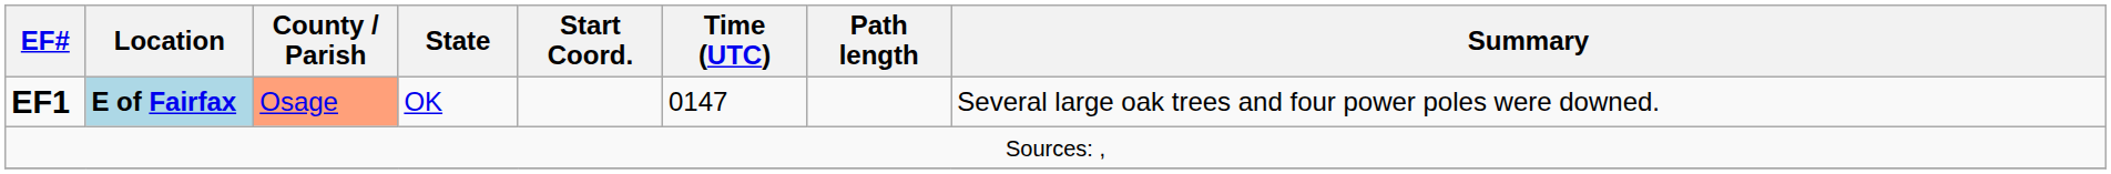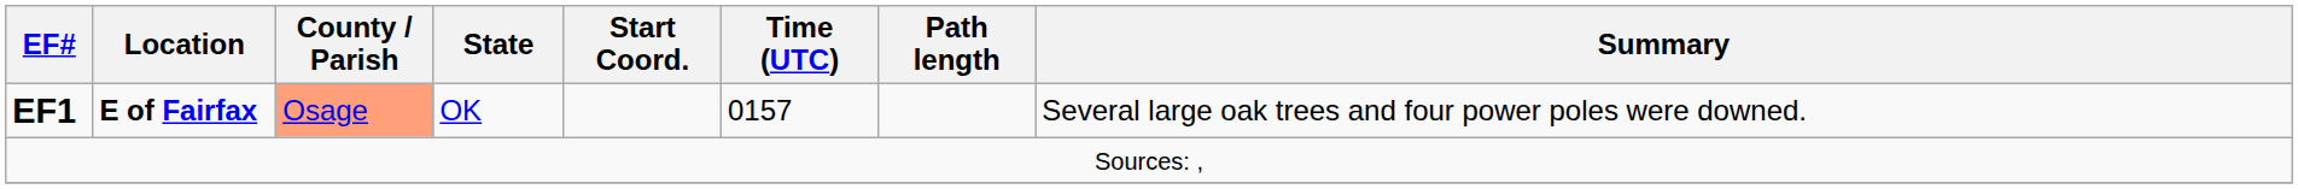 <table class="wikitable collapsible" width="100%">
 <tr>
 <th scope="col"  style="width:3%; text-align:center;"><a href='#'>EF#</a></th>
 <th scope="col"  style="width:7%; text-align:center;" class="unsortable">Location</th>
 <th scope="col"  style="width:6%; text-align:center;" class="unsortable">County / Parish</th>
 <th scope="col"  style="width:5%; text-align:center;">State</th>
 <th scope="col"  style="width:6%; text-align:center;">Start Coord.</th>
 <th scope="col"  style="width:6%; text-align:center;">Time (<a href='#'>UTC</a>)</th>
 <th scope="col"  style="width:6%; text-align:center;">Path length</th>
 <th scope="col" class="unsortable" style="width:48%; text-align:center;">Summary</th>
 </tr>
 <tr>
 <td><big><strong>EF1</strong></big></td>
-<td style="background: lightblue;"><strong>E of <a href='#'>Fairfax</a></strong></td>
+<td><strong>E of <a href='#'>Fairfax</a></strong></td>
 <td style="background: lightsalmon;"><a href='#'>Osage</a></td>
 <td><a href='#'>OK</a></td>
 <td></td>
-<td>0147</td>
+<td>0157</td>
 <td></td>
 <td>Several large oak trees and four power poles were downed.</td>
 </tr>
 <tr>
 <td colspan="8" align=center><small>Sources: , </small></td>
 </tr>
 <tr>
 </tr>
 </table>
